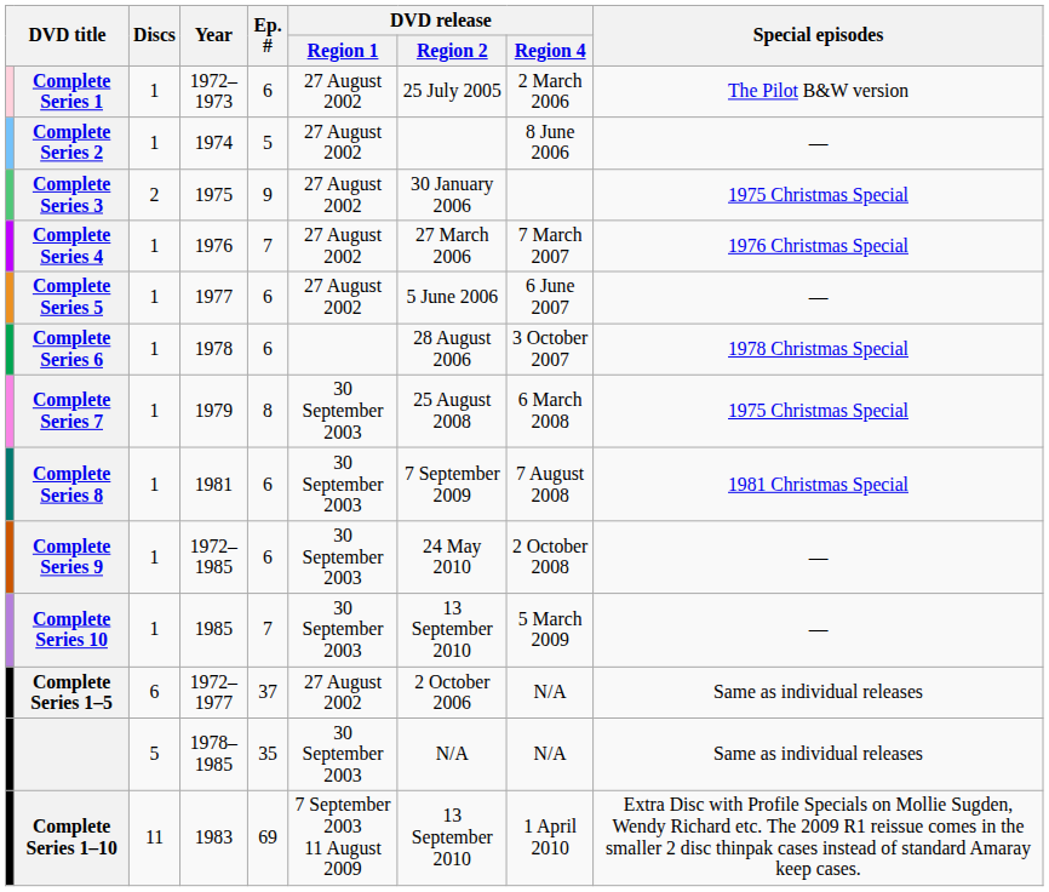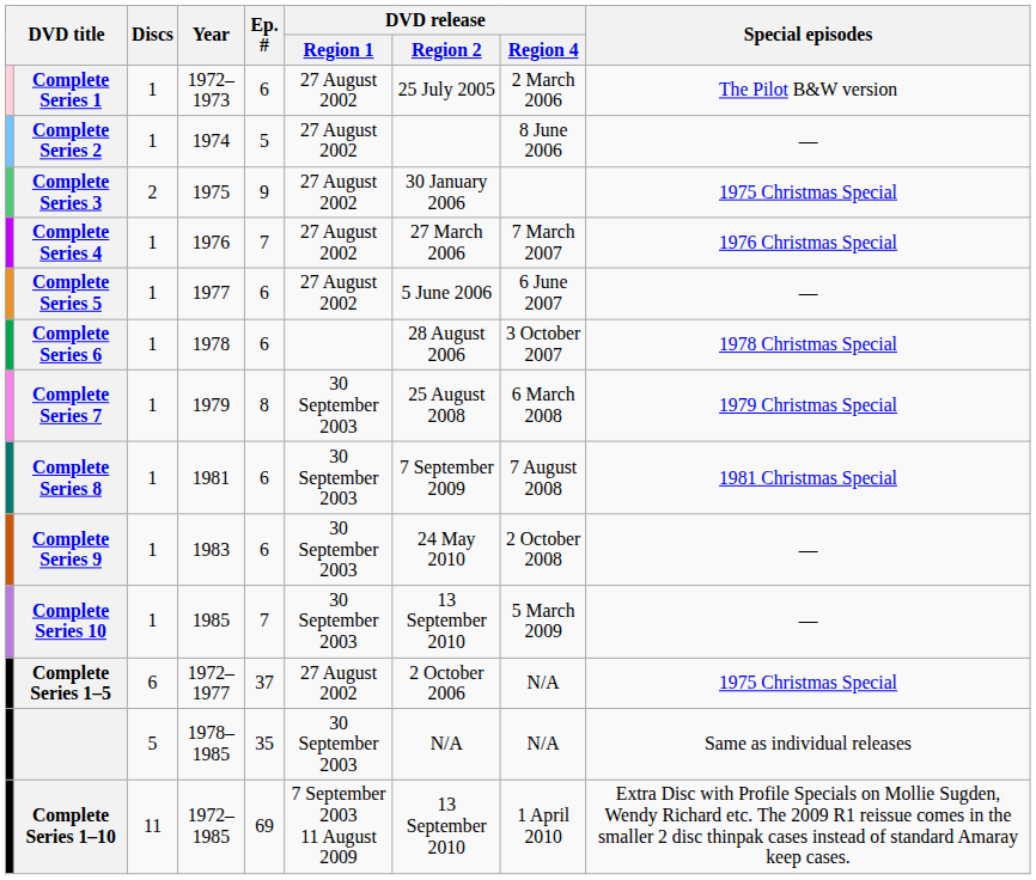 <table class="wikitable"  style="width:99%; left:0 auto; text-align:center;">
 <tr>
 <th colspan="2" rowspan="2">DVD title</th>
 <th rowspan="2">Discs</th>
 <th rowspan="2">Year</th>
 <th rowspan="2">Ep. #</th>
 <th colspan="3">DVD release</th>
 <th rowspan="2">Special episodes</th>
 </tr>
 <tr>
 <th><a href='#'>Region 1</a></th>
 <th><a href='#'>Region 2</a></th>
 <th><a href='#'>Region 4</a></th>
 </tr>
 <tr>
 <td style="background:#ffd1dc;"></td>
 <th><a href='#'>Complete Series 1</a></th>
 <td>1</td>
 <td>1972–1973</td>
 <td>6</td>
 <td>27 August 2002</td>
 <td>25 July 2005</td>
 <td>2 March 2006</td>
 <td><a href='#'>The Pilot</a> B&W version</td>
 </tr>
 <tr>
 <td style="background:#73c2fb;"></td>
 <th><a href='#'>Complete Series 2</a></th>
 <td>1</td>
 <td>1974</td>
 <td>5</td>
 <td>27 August 2002</td>
 <td></td>
 <td>8 June 2006</td>
 <td>—</td>
 </tr>
 <tr>
 <td style="background:#50c878;"></td>
 <th><a href='#'>Complete Series 3</a></th>
 <td>2</td>
 <td>1975</td>
 <td>9</td>
 <td>27 August 2002</td>
 <td>30 January 2006</td>
 <td></td>
 <td><a href='#'>1975 Christmas Special</a></td>
 </tr>
 <tr>
 <td style="background:#bf00ff;"></td>
 <th><a href='#'>Complete Series 4</a></th>
 <td>1</td>
 <td>1976</td>
 <td>7</td>
 <td>27 August 2002</td>
 <td>27 March 2006</td>
 <td>7 March 2007</td>
 <td><a href='#'>1976 Christmas Special</a></td>
 </tr>
 <tr>
 <td style="background:#ed9121;"></td>
 <th><a href='#'>Complete Series 5</a></th>
 <td>1</td>
 <td>1977</td>
 <td>6</td>
 <td>27 August 2002</td>
 <td>5 June 2006</td>
 <td>6 June 2007</td>
 <td>—</td>
 </tr>
 <tr>
 <td style="background:#00a550;"></td>
 <th><a href='#'>Complete Series 6</a></th>
 <td>1</td>
 <td>1978</td>
 <td>6</td>
 <td></td>
 <td>28 August 2006</td>
 <td>3 October 2007</td>
 <td><a href='#'>1978 Christmas Special</a></td>
 </tr>
 <tr>
 <td style="background:#f984e5;"></td>
 <th><a href='#'>Complete Series 7</a></th>
 <td>1</td>
 <td>1979</td>
 <td>8</td>
 <td>30 September 2003</td>
 <td>25 August 2008</td>
 <td>6 March 2008</td>
-<td><a href='#'>1975 Christmas Special</a></td>
+<td><a href='#'>1979 Christmas Special</a></td>
 </tr>
 <tr>
 <td style="background:#01796f;"></td>
 <th><a href='#'>Complete Series 8</a></th>
 <td>1</td>
 <td>1981</td>
 <td>6</td>
 <td>30 September 2003</td>
 <td>7 September 2009</td>
 <td>7 August 2008</td>
 <td><a href='#'>1981 Christmas Special</a></td>
 </tr>
 <tr>
 <td style="background:#c50;"></td>
 <th><a href='#'>Complete Series 9</a></th>
 <td>1</td>
-<td>1972–1985</td>
+<td>1983</td>
 <td>6</td>
 <td>30 September 2003</td>
 <td>24 May 2010</td>
 <td>2 October 2008</td>
 <td>—</td>
 </tr>
 <tr>
 <td style="background:#B57EDC;"></td>
 <th><a href='#'>Complete Series 10</a></th>
 <td>1</td>
 <td>1985</td>
 <td>7</td>
 <td>30 September 2003</td>
 <td>13 September 2010</td>
 <td>5 March 2009</td>
 <td>—</td>
 </tr>
 <tr>
 <td style="background:#000;"></td>
 <th>Complete Series 1–5</th>
 <td>6</td>
 <td>1972–1977</td>
 <td>37</td>
 <td>27 August 2002</td>
 <td>2 October 2006</td>
 <td>N/A</td>
-<td>Same as individual releases</td>
+<td><a href='#'>1975 Christmas Special</a></td>
 </tr>
 <tr>
 <td style="background:#000;"></td>
 <th></th>
 <td>5</td>
 <td>1978–1985</td>
 <td>35</td>
 <td>30 September 2003</td>
 <td>N/A</td>
 <td>N/A</td>
 <td>Same as individual releases</td>
 </tr>
 <tr>
 <td style="background:#000;"></td>
 <th>Complete Series 1–10</th>
 <td>11</td>
-<td>1983</td>
+<td>1972–1985</td>
 <td>69</td>
 <td>7 September 2003<br>11 August 2009</td>
 <td>13 September 2010</td>
 <td>1 April 2010</td>
 <td>Extra Disc with Profile Specials on Mollie Sugden, Wendy Richard etc. The 2009 R1 reissue comes in the smaller 2 disc thinpak cases instead of standard Amaray keep cases.</td>
 </tr>
 </table>
